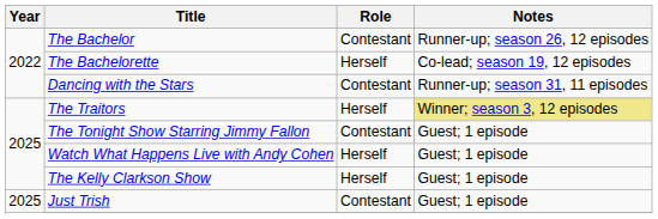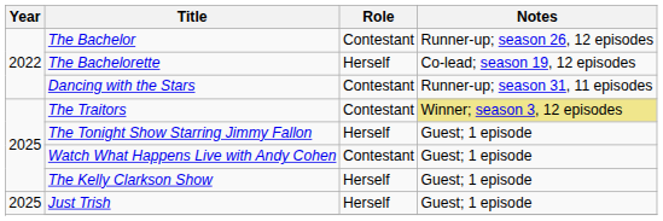 <table class="wikitable sortable">
 <tr>
 <th>Year</th>
 <th>Title</th>
 <th>Role</th>
 <th class="unsortable">Notes</th>
 </tr>
 <tr>
 <td rowspan="3”">2022</td>
 <td><a href='#'><em>The Bachelor</em></a></td>
 <td>Contestant</td>
 <td>Runner-up; <a href='#'>season 26</a>, 12 episodes</td>
 </tr>
 <tr>
 <td><a href='#'><em>The Bachelorette</em></a></td>
 <td>Herself</td>
 <td>Co-lead; <a href='#'>season 19</a>, 12 episodes</td>
 </tr>
 <tr>
 <td><a href='#'><em>Dancing with the Stars</em></a></td>
 <td>Contestant</td>
 <td>Runner-up; <a href='#'>season 31</a>, 11 episodes</td>
 </tr>
 <tr>
 <td rowspan="4”">2025</td>
 <td><a href='#'><em>The Traitors</em></a></td>
-<td>Herself</td>
+<td>Contestant</td>
 <td style="background: khaki;">Winner; <a href='#'>season 3</a>, 12 episodes</td>
 </tr>
 <tr>
 <td><em><a href='#'>The Tonight Show Starring Jimmy Fallon</a></em></td>
-<td>Contestant</td>
+<td>Herself</td>
 <td>Guest; 1 episode</td>
 </tr>
 <tr>
 <td><em><a href='#'>Watch What Happens Live with Andy Cohen</a></em></td>
-<td>Herself</td>
+<td>Contestant</td>
 <td>Guest; 1 episode</td>
 </tr>
 <tr>
 <td><em><a href='#'>The Kelly Clarkson Show</a></em></td>
 <td>Herself</td>
 <td>Guest; 1 episode</td>
 </tr>
 <tr>
 <td rowspan="4”">2025</td>
 <td><em><a href='#'>Just Trish</a></em></td>
-<td>Contestant</td>
+<td>Herself</td>
 <td>Guest; 1 episode</td>
 </tr>
 <tr>
 </tr>
 </table>
